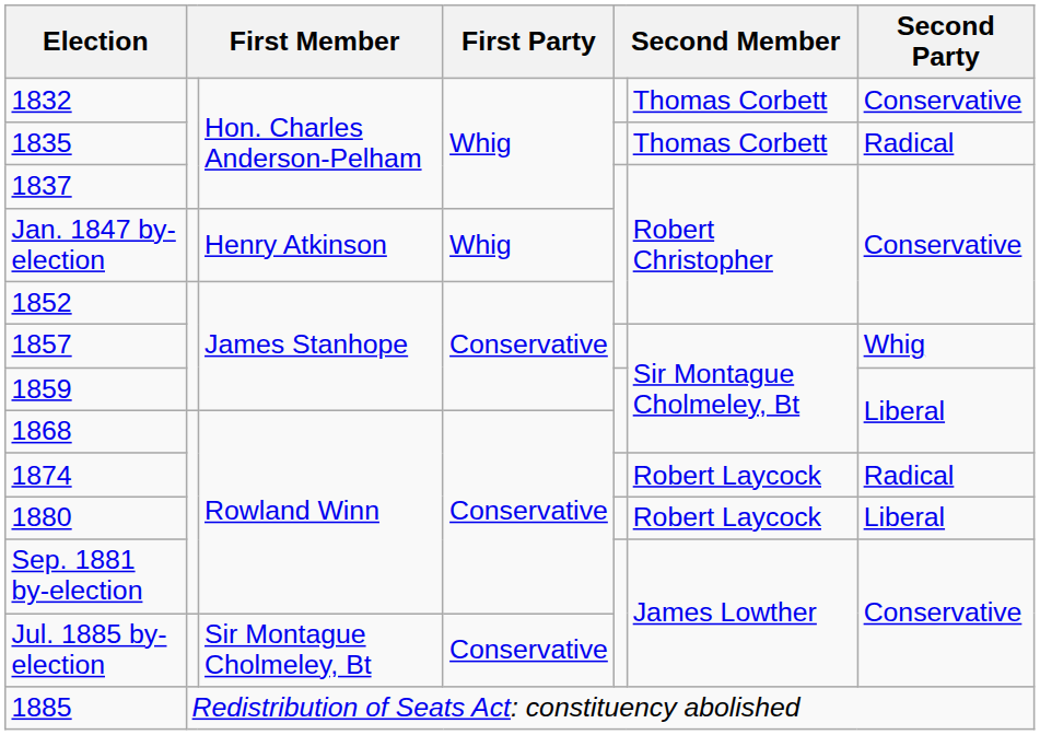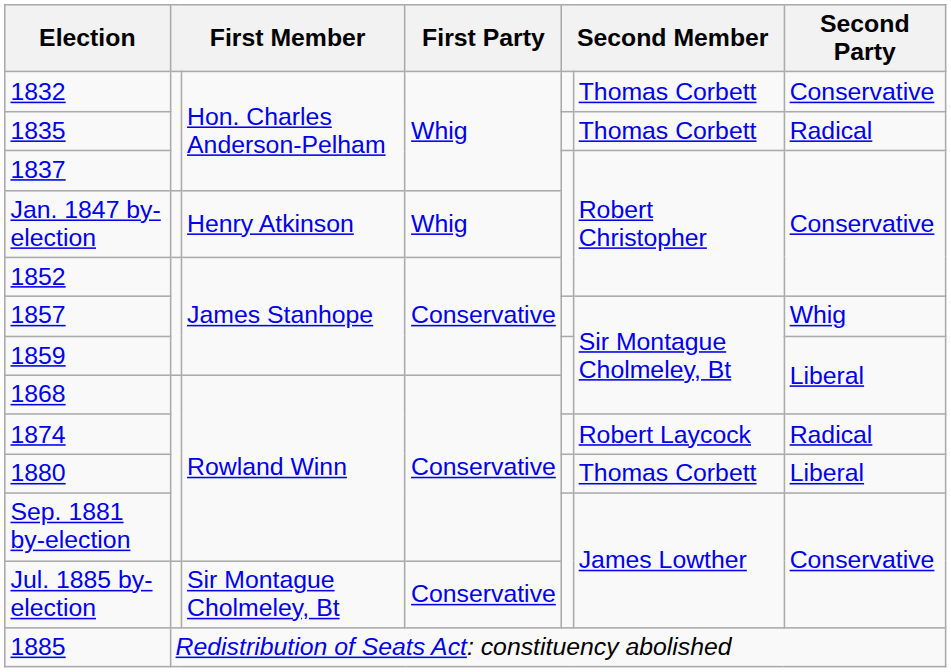 <table class="wikitable">
 <tr>
 <th>Election</th>
 <th colspan="2">First Member</th>
 <th>First Party</th>
 <th colspan="2">Second Member</th>
 <th>Second Party</th>
 </tr>
 <tr>
 <td><a href='#'>1832</a></td>
 <td rowspan="3" style="color:inherit;background-color: "></td>
 <td rowspan="3"><a href='#'>Hon. Charles Anderson-Pelham</a></td>
 <td rowspan="3"><a href='#'>Whig</a></td>
 <td style="color:inherit;background-color: "></td>
 <td><a href='#'>Thomas Corbett</a></td>
 <td><a href='#'>Conservative</a></td>
 </tr>
 <tr>
 <td><a href='#'>1835</a></td>
 <td style="color:inherit;background-color: "></td>
 <td><a href='#'>Thomas Corbett</a></td>
 <td><a href='#'>Radical</a></td>
 </tr>
 <tr>
 <td><a href='#'>1837</a></td>
 <td rowspan="3" style="color:inherit;background-color: "></td>
 <td rowspan="3"><a href='#'>Robert Christopher</a></td>
 <td rowspan="3"><a href='#'>Conservative</a></td>
 </tr>
 <tr>
 <td><a href='#'>Jan. 1847 by-election</a></td>
 <td style="color:inherit;background-color: "></td>
 <td><a href='#'>Henry Atkinson</a></td>
 <td><a href='#'>Whig</a></td>
 </tr>
 <tr>
 <td><a href='#'>1852</a></td>
 <td rowspan="3" style="color:inherit;background-color: "></td>
 <td rowspan="3"><a href='#'>James Stanhope</a></td>
 <td rowspan="3"><a href='#'>Conservative</a></td>
 </tr>
 <tr>
 <td><a href='#'>1857</a></td>
 <td style="color:inherit;background-color: "></td>
 <td rowspan="3"><a href='#'>Sir Montague Cholmeley, Bt</a></td>
 <td><a href='#'>Whig</a></td>
 </tr>
 <tr>
 <td><a href='#'>1859</a></td>
 <td rowspan="2" style="color:inherit;background-color: "></td>
 <td rowspan="2"><a href='#'>Liberal</a></td>
 </tr>
 <tr>
 <td><a href='#'>1868</a></td>
 <td rowspan="4" style="color:inherit;background-color: "></td>
 <td rowspan="4"><a href='#'>Rowland Winn</a></td>
 <td rowspan="4"><a href='#'>Conservative</a></td>
 </tr>
 <tr>
 <td><a href='#'>1874</a></td>
 <td style="color:inherit;background-color: "></td>
 <td><a href='#'>Robert Laycock</a></td>
 <td><a href='#'>Radical</a></td>
 </tr>
 <tr>
 <td><a href='#'>1880</a></td>
 <td style="color:inherit;background-color: "></td>
-<td><a href='#'>Robert Laycock</a></td>
+<td><a href='#'>Thomas Corbett</a></td>
 <td><a href='#'>Liberal</a></td>
 </tr>
 <tr>
 <td><a href='#'>Sep. 1881 by-election</a></td>
 <td rowspan="2" style="color:inherit;background-color: "></td>
 <td rowspan="2"><a href='#'>James Lowther</a></td>
 <td rowspan="2"><a href='#'>Conservative</a></td>
 </tr>
 <tr>
 <td><a href='#'>Jul. 1885 by-election</a></td>
 <td style="color:inherit;background-color: "></td>
 <td><a href='#'>Sir Montague Cholmeley, Bt</a></td>
 <td><a href='#'>Conservative</a></td>
 </tr>
 <tr>
 <td><a href='#'>1885</a></td>
 <td colspan="6"><em><a href='#'>Redistribution of Seats Act</a>: constituency abolished</em></td>
 </tr>
 </table>
